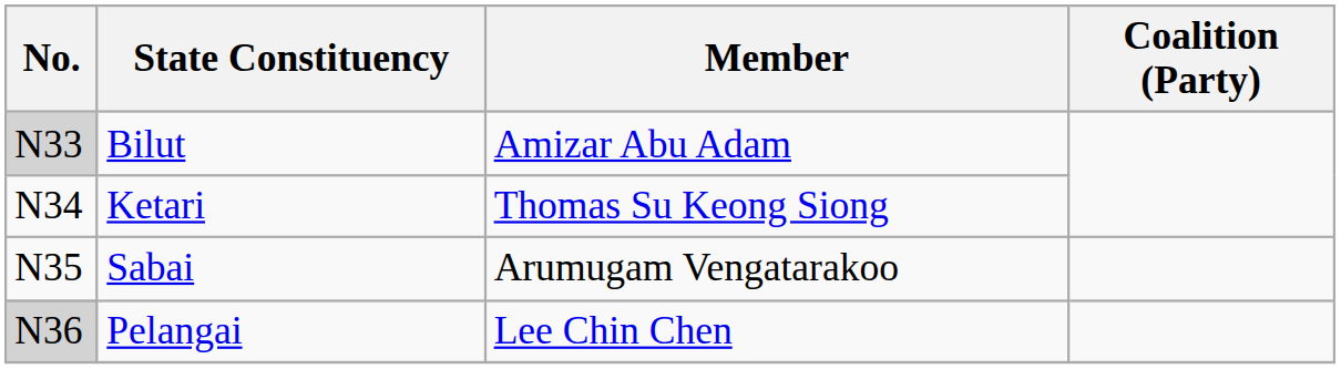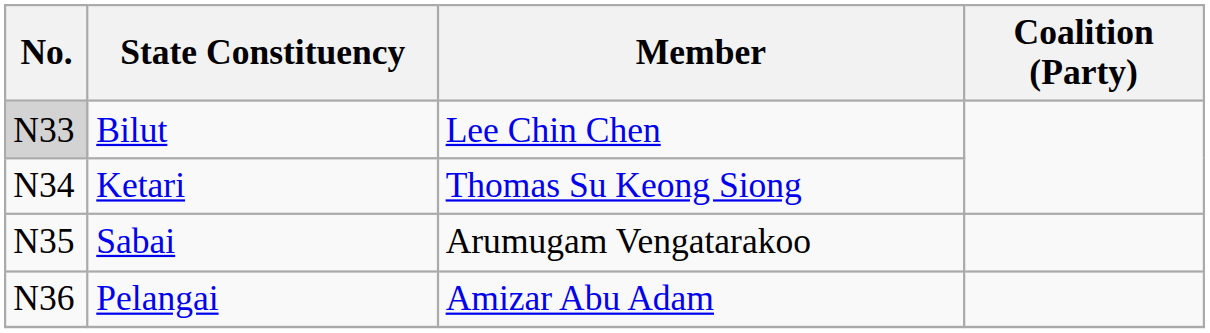 <table class="wikitable">
 <tr>
 <th width="30">No.</th>
 <th width="150">State Constituency</th>
 <th width="230">Member</th>
 <th width="100">Coalition (Party)</th>
 </tr>
 <tr>
 <td style="background: lightgrey;">N33</td>
 <td><a href='#'>Bilut</a></td>
-<td><a href='#'>Amizar Abu Adam</a></td>
+<td><a href='#'>Lee Chin Chen</a></td>
 <td rowspan="2"></td>
 </tr>
 <tr>
 <td>N34</td>
 <td><a href='#'>Ketari</a></td>
 <td><a href='#'>Thomas Su Keong Siong</a></td>
 </tr>
 <tr>
 <td>N35</td>
 <td><a href='#'>Sabai</a></td>
 <td>Arumugam Vengatarakoo</td>
 <td></td>
 </tr>
 <tr>
-<td style="background: lightgrey;">N36</td>
+<td>N36</td>
 <td><a href='#'>Pelangai</a></td>
-<td><a href='#'>Lee Chin Chen</a></td>
+<td><a href='#'>Amizar Abu Adam</a></td>
 <td></td>
 </tr>
 <tr>
 </tr>
 </table>
